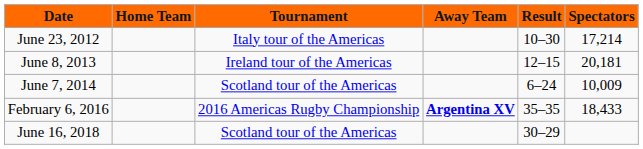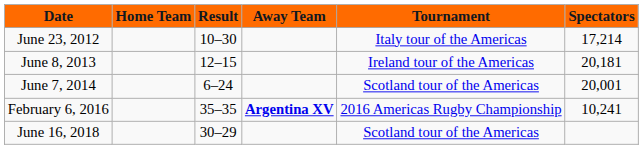 <table class="wikitable" style="text-align:center">
 <tr>
 <th style="text-align:center; background:#FF6B00; color:#101820; ">Date</th>
 <th style="text-align:center; background:#FF6B00; color:#101820; ">Home Team</th>
+<th style="text-align:center; background:#FF6B00; color:#101820; ">Result</th>
+<th style="text-align:center; background:#FF6B00; color:#101820; ">Away Team</th>
 <th style="text-align:center; background:#FF6B00; color:#101820; ">Tournament</th>
-<th style="text-align:center; background:#FF6B00; color:#101820; ">Away Team</th>
-<th style="text-align:center; background:#FF6B00; color:#101820; ">Result</th>
 <th style="text-align:center; background:#FF6B00; color:#101820; ">Spectators</th>
 </tr>
 <tr>
 <td>June 23, 2012</td>
 <td></td>
+<td style="text-align:center;">10–30</td>
+<td></td>
 <td><a href='#'>Italy tour of the Americas</a></td>
-<td></td>
-<td style="text-align:center;">10–30</td>
 <td style="text-align:center;">17,214</td>
 </tr>
 <tr>
 <td>June 8, 2013</td>
 <td></td>
+<td style="text-align:center;">12–15</td>
+<td></td>
 <td><a href='#'>Ireland tour of the Americas</a></td>
-<td></td>
-<td style="text-align:center;">12–15</td>
 <td style="text-align:center;">20,181</td>
 </tr>
 <tr>
 <td>June 7, 2014</td>
 <td></td>
+<td style="text-align:center;">6–24</td>
+<td></td>
 <td><a href='#'>Scotland tour of the Americas</a></td>
-<td></td>
-<td style="text-align:center;">6–24</td>
-<td style="text-align:center;">10,009</td>
+<td style="text-align:center;">20,001</td>
 </tr>
 <tr>
 <td>February 6, 2016</td>
 <td></td>
+<td style="text-align:center;">35–35</td>
+<td><strong> <a href='#'>Argentina XV</a></strong></td>
 <td><a href='#'>2016 Americas Rugby Championship</a></td>
-<td><strong> <a href='#'>Argentina XV</a></strong></td>
-<td style="text-align:center;">35–35</td>
-<td style="text-align:center;">18,433</td>
+<td style="text-align:center;">10,241</td>
 </tr>
 <tr>
 <td>June 16, 2018</td>
 <td></td>
+<td style="text-align:center;">30–29</td>
+<td></td>
 <td><a href='#'>Scotland tour of the Americas</a></td>
-<td></td>
-<td style="text-align:center;">30–29</td>
 <td style="text-align:center;"></td>
 </tr>
 </table>
